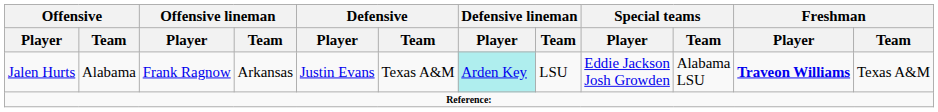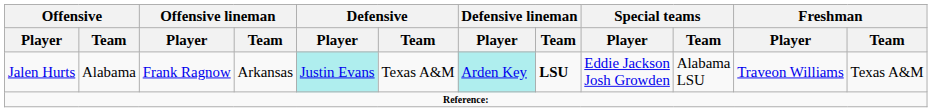 <table class="wikitable">
 <tr>
 <th colspan="2">Offensive</th>
 <th colspan="2">Offensive lineman</th>
 <th colspan="2">Defensive</th>
 <th colspan="2">Defensive lineman</th>
 <th colspan="2">Special teams</th>
 <th colspan="2">Freshman</th>
 </tr>
 <tr>
 <th>Player</th>
 <th>Team</th>
 <th>Player</th>
 <th>Team</th>
 <th>Player</th>
 <th>Team</th>
 <th>Player</th>
 <th>Team</th>
 <th>Player</th>
 <th>Team</th>
 <th>Player</th>
 <th>Team</th>
 </tr>
 <tr>
 <td><a href='#'>Jalen Hurts</a></td>
 <td>Alabama</td>
 <td><a href='#'>Frank Ragnow</a></td>
 <td>Arkansas</td>
-<td><a href='#'>Justin Evans</a></td>
+<td style="background: paleturquoise;"><a href='#'>Justin Evans</a></td>
 <td>Texas A&M</td>
 <td style="background: paleturquoise;"><a href='#'>Arden Key</a></td>
-<td>LSU</td>
+<td><strong>LSU</strong></td>
 <td><a href='#'>Eddie Jackson</a><br><a href='#'>Josh Growden</a></td>
 <td>Alabama<br>LSU</td>
-<td><strong><a href='#'>Traveon Williams</a></strong></td>
+<td><a href='#'>Traveon Williams</a></td>
 <td>Texas A&M</td>
 </tr>
 <tr>
 <td colspan="12"  style="font-size:8pt; text-align:center;"><strong>Reference:</strong></td>
 </tr>
 </table>
